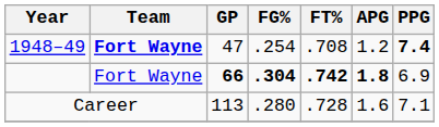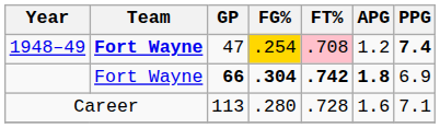 <table class="wikitable sortable" style="font-size:95%; text-align:right;">
 <tr>
 <th>Year</th>
 <th>Team</th>
 <th>GP</th>
 <th>FG%</th>
 <th>FT%</th>
 <th>APG</th>
 <th>PPG</th>
 </tr>
 <tr>
 <td style="text-align:left;"><a href='#'>1948–49</a></td>
 <td style="text-align:left;"><strong><a href='#'>Fort Wayne</a></strong></td>
 <td>47</td>
-<td>.254</td>
-<td>.708</td>
+<td style="background: gold;">.254</td>
+<td style="background: pink;">.708</td>
 <td>1.2</td>
 <td><strong>7.4</strong></td>
 </tr>
 <tr>
 <td style="text-align:left;"></td>
 <td style="text-align:left;"><a href='#'>Fort Wayne</a></td>
 <td><strong>66</strong></td>
 <td><strong>.304</strong></td>
 <td><strong>.742</strong></td>
 <td><strong>1.8</strong></td>
 <td>6.9</td>
 </tr>
 <tr>
 <td style="text-align:center;" colspan="2">Career</td>
 <td>113</td>
 <td>.280</td>
 <td>.728</td>
 <td>1.6</td>
 <td>7.1</td>
 </tr>
 <tr>
 </tr>
 </table>
